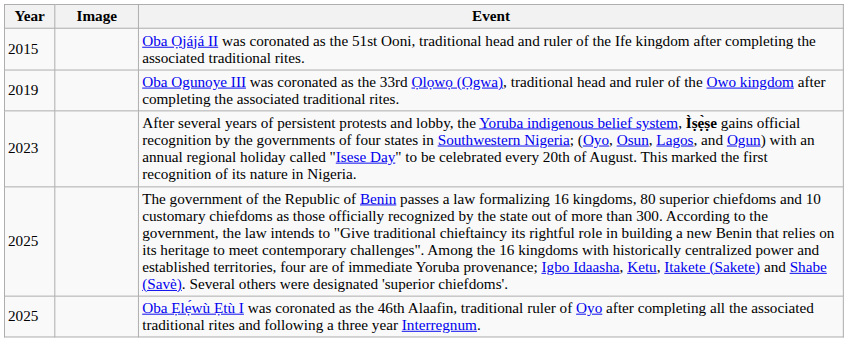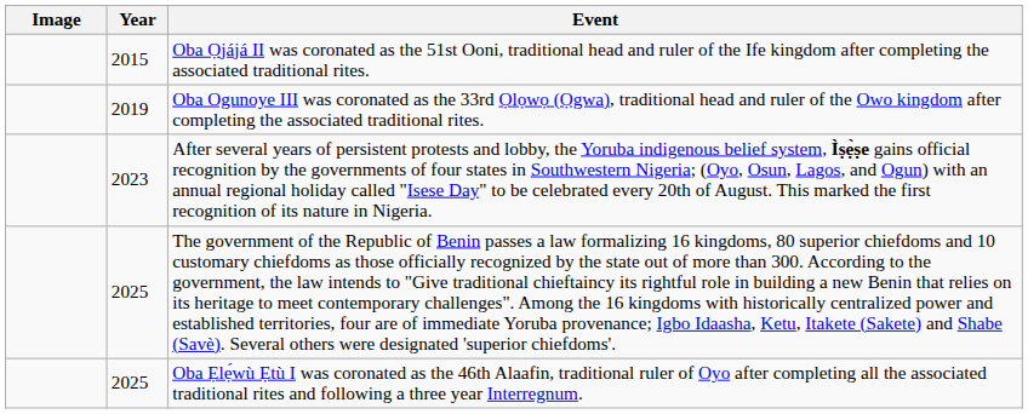 <table class="wikitable" width="100%">
 <tr>
+<th style="width:10%">Image</th>
 <th style="width:6%">Year</th>
-<th style="width:10%">Image</th>
 <th>Event</th>
 </tr>
 <tr>
+<td><small></small></td>
 <td>2015</td>
-<td><small></small></td>
 <td><a href='#'>Oba Ọjájá II</a>  was coronated as the 51st Ooni, traditional head and ruler of the Ife kingdom after completing the associated traditional rites.</td>
 </tr>
 <tr>
+<td><small></small></td>
 <td>2019</td>
-<td><small></small></td>
 <td><a href='#'>Oba Ogunoye III</a> was coronated as the 33rd <a href='#'>Ọlọwọ (Ọgwa)</a>, traditional head and ruler of the <a href='#'>Owo kingdom</a> after completing the associated traditional rites.</td>
 </tr>
 <tr>
+<td><small></small></td>
 <td>2023</td>
-<td><small></small></td>
 <td>After several years of persistent protests and lobby, the <a href='#'>Yoruba indigenous belief system</a>, <strong>Ìṣẹ̀ṣe</strong> gains official recognition by the governments of four states in <a href='#'>Southwestern Nigeria</a>; (<a href='#'>Oyo</a>, <a href='#'>Osun</a>, <a href='#'>Lagos</a>, and <a href='#'>Ogun</a>) with an annual regional holiday called "<a href='#'>Isese Day</a>" to be celebrated every 20th of August. This marked the first recognition of its nature in Nigeria.</td>
 </tr>
 <tr>
+<td><small></small></td>
 <td>2025</td>
-<td><small></small></td>
 <td>The government of the Republic of <a href='#'>Benin</a> passes a law formalizing 16 kingdoms, 80 superior chiefdoms and 10 customary chiefdoms as those officially recognized by the state out of more than 300. According to the government, the law intends to "Give traditional chieftaincy its rightful role in building a new Benin that relies on its heritage to meet contemporary challenges". Among the 16 kingdoms with historically centralized power and established territories, four are of immediate Yoruba provenance; <a href='#'>Igbo Idaasha</a>, <a href='#'>Ketu</a>, <a href='#'>Itakete (Sakete)</a> and <a href='#'>Shabe (Savè)</a>. Several others were designated 'superior chiefdoms'.</td>
 </tr>
 <tr>
+<td><small></small></td>
 <td>2025</td>
-<td><small></small></td>
 <td><a href='#'>Oba Ẹlẹ́wù Ẹtù I</a> was coronated as the 46th Alaafin, traditional ruler of <a href='#'>Oyo</a> after completing all the associated traditional rites and following a three year <a href='#'>Interregnum</a>.</td>
 </tr>
 </table>
